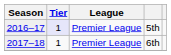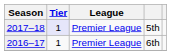 <table class="wikitable" style="font-size:85%;">
 <tr>
 <th>Season</th>
 <th><a href='#'>Tier</a></th>
 <th>League</th>
 <th></th>
 <th></th>
 </tr>
 <tr>
-<td style="background:#efefef;"><a href='#'>2016–17</a></td>
+<td style="background:#efefef;"><a href='#'>2017–18</a></td>
 <td align="center" style="background: lavender;">1</td>
 <td><a href='#'>Premier League</a></td>
 <td align="center">5th</td>
 <td></td>
 </tr>
 <tr>
-<td style="background:#efefef;"><a href='#'>2017–18</a></td>
+<td style="background:#efefef;"><a href='#'>2016–17</a></td>
 <td align="center">1</td>
 <td><a href='#'>Premier League</a></td>
 <td align="center">6th</td>
 <td></td>
 </tr>
 <tr>
 </tr>
 </table>
